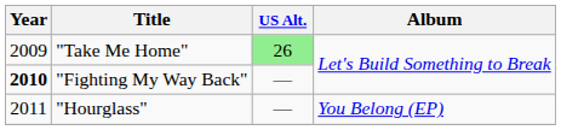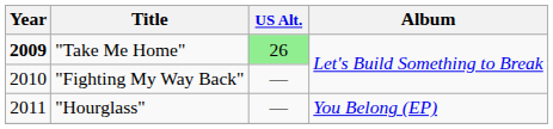 <table class="wikitable" style="text-align:center;">
 <tr>
 <th>Year</th>
 <th>Title</th>
 <th width="45"><small><a href='#'>US Alt.</a></small></th>
 <th>Album</th>
 </tr>
 <tr>
-<td rowspan="1">2009</td>
+<td rowspan="1"><strong>2009</strong></td>
 <td align="left">"Take Me Home"</td>
 <td style="background: lightgreen;">26</td>
 <td align="left" rowspan="2"><em><a href='#'>Let's Build Something to Break</a></em></td>
 </tr>
 <tr>
-<td rowspan="1"><strong>2010</strong></td>
+<td rowspan="1">2010</td>
 <td align="left">"Fighting My Way Back"</td>
 <td>—</td>
 </tr>
 <tr>
 <td rowspan="1">2011</td>
 <td align="left">"Hourglass"</td>
 <td>—</td>
 <td align="left" rowspan="1"><em><a href='#'>You Belong (EP)</a></em></td>
 </tr>
 <tr>
 </tr>
 </table>
